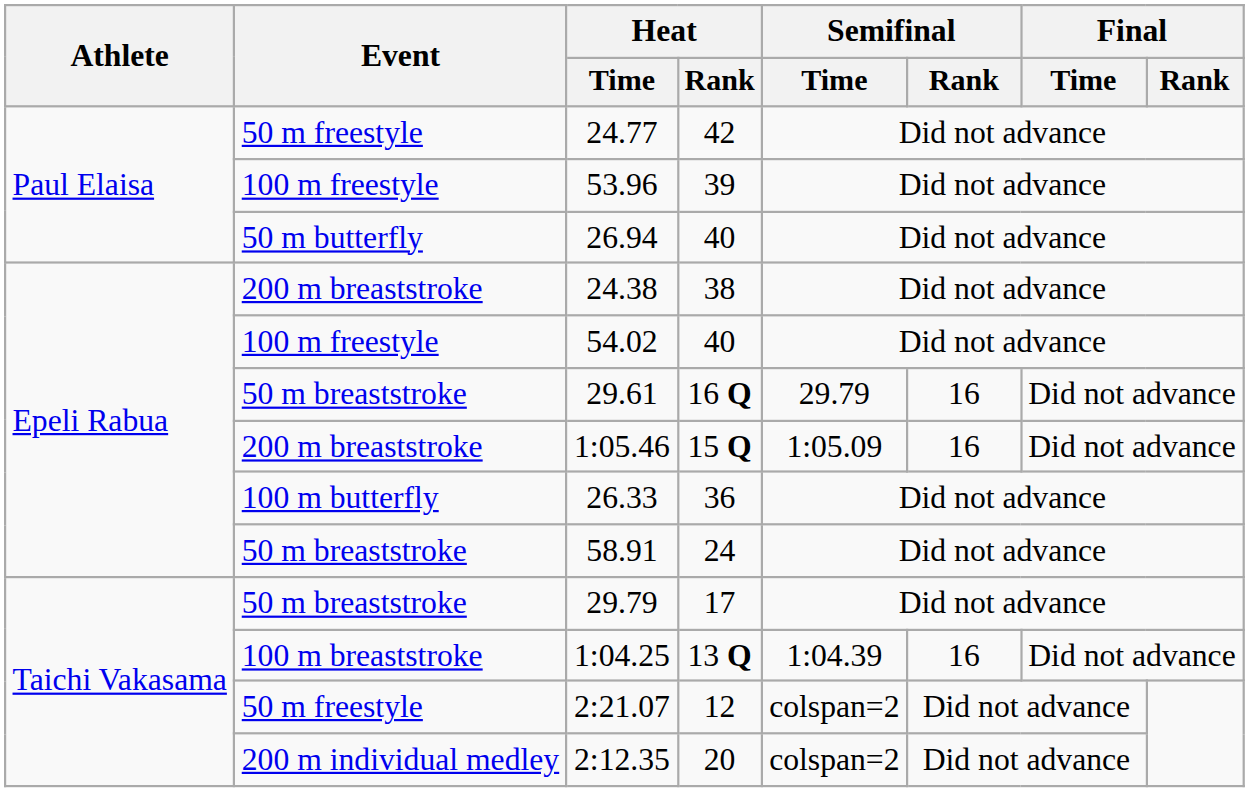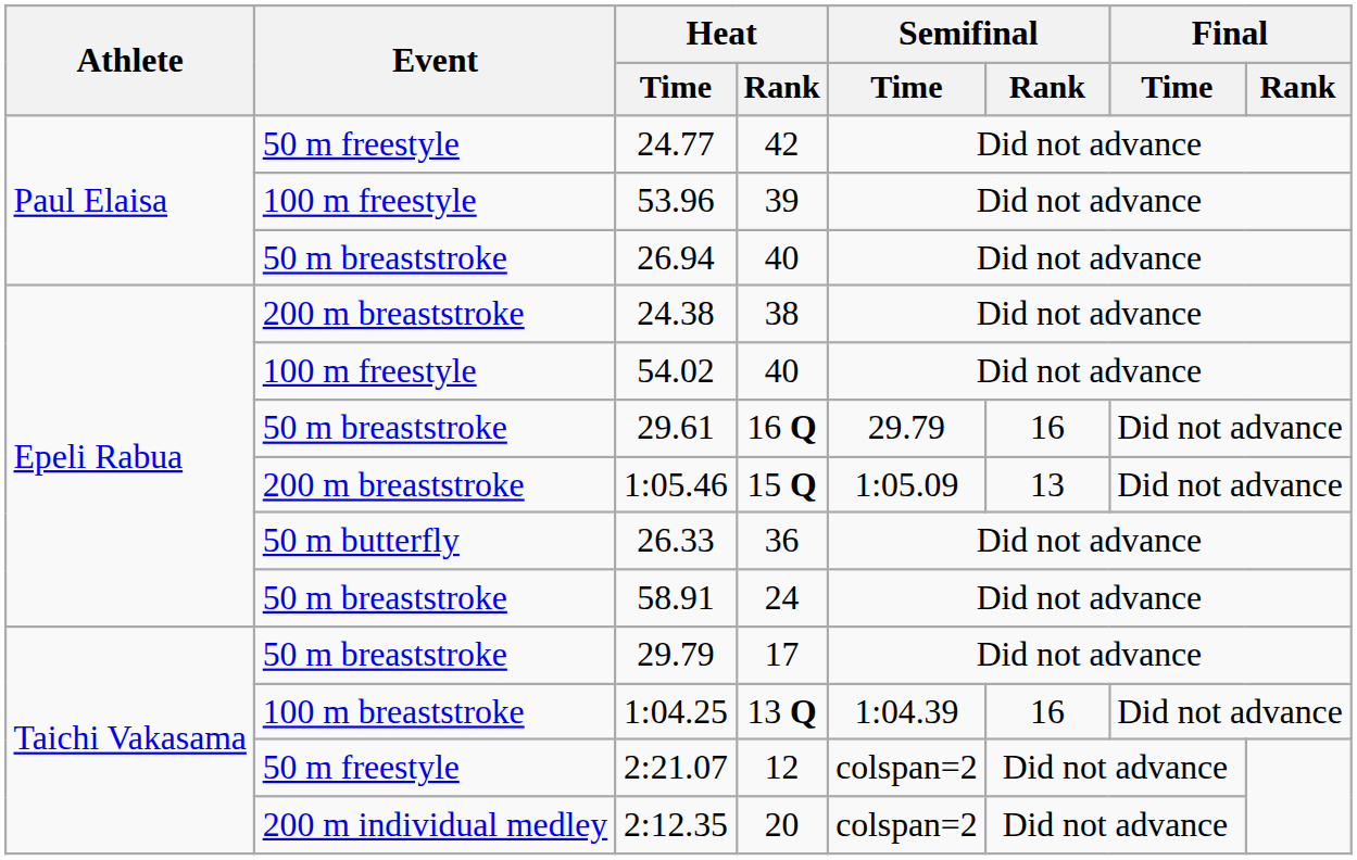 <table class=wikitable style=font-size:90%>
 <tr>
 <th rowspan=2>Athlete</th>
 <th rowspan=2>Event</th>
 <th colspan=2>Heat</th>
 <th colspan=2>Semifinal</th>
 <th colspan=2>Final</th>
 </tr>
 <tr style=font-size:95%>
 <th>Time</th>
 <th>Rank</th>
 <th>Time</th>
 <th>Rank</th>
 <th>Time</th>
 <th>Rank</th>
 </tr>
 <tr align=center>
 <td align=left rowspan=3><a href='#'>Paul Elaisa</a></td>
 <td align=left><a href='#'>50 m freestyle</a></td>
 <td>24.77</td>
 <td>42</td>
 <td colspan=4>Did not advance</td>
 </tr>
 <tr align=center>
 <td align=left><a href='#'>100 m freestyle</a></td>
 <td>53.96</td>
 <td>39</td>
 <td colspan=4>Did not advance</td>
 </tr>
 <tr align=center>
-<td align=left><a href='#'>50 m butterfly</a></td>
+<td align=left><a href='#'>50 m breaststroke</a></td>
 <td>26.94</td>
 <td>40</td>
 <td colspan=4>Did not advance</td>
 </tr>
 <tr align=center>
 <td align=left rowspan=6><a href='#'>Epeli Rabua</a></td>
 <td align=left><a href='#'>200 m breaststroke</a></td>
 <td>24.38</td>
 <td>38</td>
 <td colspan=4>Did not advance</td>
 </tr>
 <tr align=center>
 <td align=left><a href='#'>100 m freestyle</a></td>
 <td>54.02</td>
 <td>40</td>
 <td colspan=4>Did not advance</td>
 </tr>
 <tr align=center>
 <td align=left><a href='#'>50 m breaststroke</a></td>
 <td>29.61</td>
 <td>16 <strong>Q</strong></td>
 <td>29.79</td>
 <td>16</td>
 <td colspan=2>Did not advance</td>
 </tr>
 <tr align=center>
 <td align=left><a href='#'>200 m breaststroke</a></td>
 <td>1:05.46</td>
 <td>15 <strong>Q</strong></td>
 <td>1:05.09</td>
-<td>16</td>
+<td>13</td>
 <td colspan=2>Did not advance</td>
 </tr>
 <tr align=center>
-<td align=left><a href='#'>100 m butterfly</a></td>
+<td align=left><a href='#'>50 m butterfly</a></td>
 <td>26.33</td>
 <td>36</td>
 <td colspan=4>Did not advance</td>
 </tr>
 <tr align=center>
 <td align=left><a href='#'>50 m breaststroke</a></td>
 <td>58.91</td>
 <td>24</td>
 <td colspan=4>Did not advance</td>
 </tr>
 <tr align=center>
 <td align=left rowspan=4><a href='#'>Taichi Vakasama</a></td>
 <td align=left><a href='#'>50 m breaststroke</a></td>
 <td>29.79</td>
 <td>17</td>
 <td colspan=4>Did not advance</td>
 </tr>
 <tr align=center>
 <td align=left><a href='#'>100 m breaststroke</a></td>
 <td>1:04.25</td>
 <td>13 <strong>Q</strong></td>
 <td>1:04.39</td>
 <td>16</td>
 <td colspan=2>Did not advance</td>
 </tr>
 <tr align=center>
 <td align=left><a href='#'>50 m freestyle</a></td>
 <td>2:21.07</td>
 <td>12</td>
 <td>colspan=2 </td>
 <td colspan=2>Did not advance</td>
 </tr>
 <tr align=center>
 <td align=left><a href='#'>200 m individual medley</a></td>
 <td>2:12.35</td>
 <td>20</td>
 <td>colspan=2 </td>
 <td colspan=2>Did not advance</td>
 </tr>
 </table>
